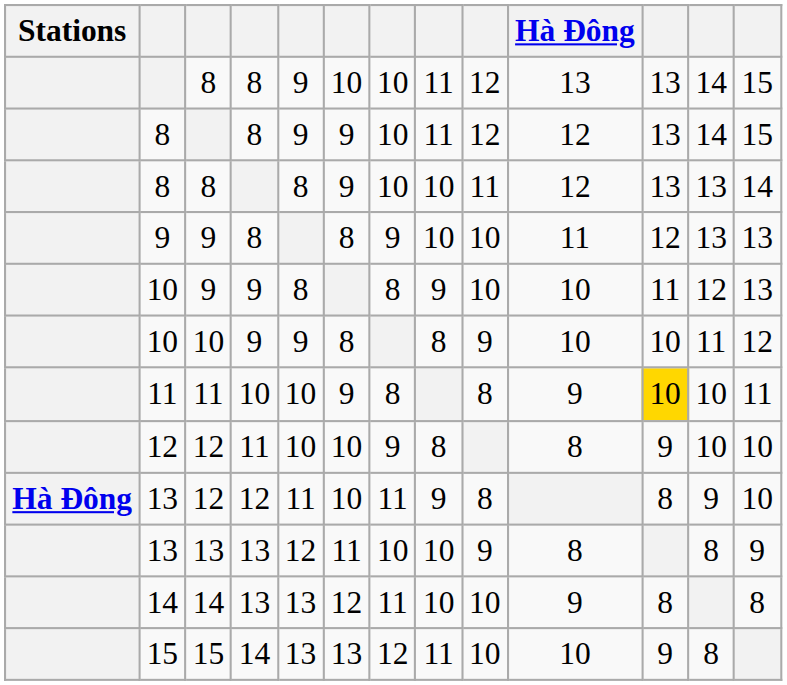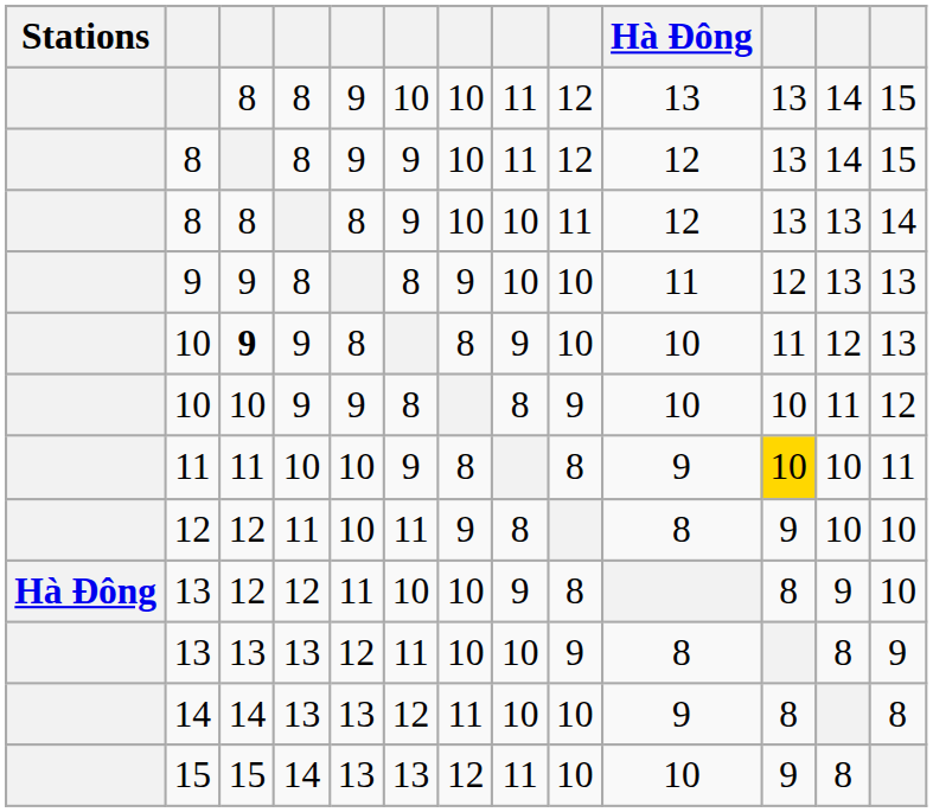 <table class="wikitable" style="font-size: 95%; text-align: center;">
 <tr>
 <th>Stations</th>
 <th></th>
 <th></th>
 <th></th>
 <th></th>
 <th></th>
 <th></th>
 <th></th>
 <th></th>
 <th><a href='#'>Hà Đông</a></th>
 <th></th>
 <th></th>
 <th></th>
 </tr>
 <tr>
 <th></th>
 <th></th>
 <td>8</td>
 <td>8</td>
 <td>9</td>
 <td>10</td>
 <td>10</td>
 <td>11</td>
 <td>12</td>
 <td>13</td>
 <td>13</td>
 <td>14</td>
 <td>15</td>
 </tr>
 <tr>
 <th></th>
 <td>8</td>
 <th></th>
 <td>8</td>
 <td>9</td>
 <td>9</td>
 <td>10</td>
 <td>11</td>
 <td>12</td>
 <td>12</td>
 <td>13</td>
 <td>14</td>
 <td>15</td>
 </tr>
 <tr>
 <th></th>
 <td>8</td>
 <td>8</td>
 <th></th>
 <td>8</td>
 <td>9</td>
 <td>10</td>
 <td>10</td>
 <td>11</td>
 <td>12</td>
 <td>13</td>
 <td>13</td>
 <td>14</td>
 </tr>
 <tr>
 <th></th>
 <td>9</td>
 <td>9</td>
 <td>8</td>
 <th></th>
 <td>8</td>
 <td>9</td>
 <td>10</td>
 <td>10</td>
 <td>11</td>
 <td>12</td>
 <td>13</td>
 <td>13</td>
 </tr>
 <tr>
 <th></th>
 <td>10</td>
-<td>9</td>
+<td><strong>9</strong></td>
 <td>9</td>
 <td>8</td>
 <th></th>
 <td>8</td>
 <td>9</td>
 <td>10</td>
 <td>10</td>
 <td>11</td>
 <td>12</td>
 <td>13</td>
 </tr>
 <tr>
 <th></th>
 <td>10</td>
 <td>10</td>
 <td>9</td>
 <td>9</td>
 <td>8</td>
 <th></th>
 <td>8</td>
 <td>9</td>
 <td>10</td>
 <td>10</td>
 <td>11</td>
 <td>12</td>
 </tr>
 <tr>
 <th></th>
 <td>11</td>
 <td>11</td>
 <td>10</td>
 <td>10</td>
 <td>9</td>
 <td>8</td>
 <th></th>
 <td>8</td>
 <td>9</td>
 <td style="background: gold;">10</td>
 <td>10</td>
 <td>11</td>
 </tr>
 <tr>
 <th></th>
 <td>12</td>
 <td>12</td>
 <td>11</td>
 <td>10</td>
-<td>10</td>
+<td>11</td>
 <td>9</td>
 <td>8</td>
 <th></th>
 <td>8</td>
 <td>9</td>
 <td>10</td>
 <td>10</td>
 </tr>
 <tr>
 <th><a href='#'>Hà Đông</a></th>
 <td>13</td>
 <td>12</td>
 <td>12</td>
 <td>11</td>
 <td>10</td>
-<td>11</td>
+<td>10</td>
 <td>9</td>
 <td>8</td>
 <th></th>
 <td>8</td>
 <td>9</td>
 <td>10</td>
 </tr>
 <tr>
 <th></th>
 <td>13</td>
 <td>13</td>
 <td>13</td>
 <td>12</td>
 <td>11</td>
 <td>10</td>
 <td>10</td>
 <td>9</td>
 <td>8</td>
 <th></th>
 <td>8</td>
 <td>9</td>
 </tr>
 <tr>
 <th></th>
 <td>14</td>
 <td>14</td>
 <td>13</td>
 <td>13</td>
 <td>12</td>
 <td>11</td>
 <td>10</td>
 <td>10</td>
 <td>9</td>
 <td>8</td>
 <th></th>
 <td>8</td>
 </tr>
 <tr>
 <th></th>
 <td>15</td>
 <td>15</td>
 <td>14</td>
 <td>13</td>
 <td>13</td>
 <td>12</td>
 <td>11</td>
 <td>10</td>
 <td>10</td>
 <td>9</td>
 <td>8</td>
 <th></th>
 </tr>
 </table>
